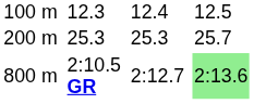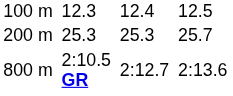 <table>
 <tr>
 <td>100 m<br></td>
 <td></td>
 <td>12.3</td>
 <td></td>
 <td>12.4</td>
 <td></td>
 <td>12.5</td>
 </tr>
 <tr>
 <td>200 m<br></td>
 <td></td>
 <td>25.3</td>
 <td></td>
 <td>25.3</td>
 <td></td>
 <td>25.7</td>
 </tr>
 <tr>
 <td>800 m<br></td>
 <td></td>
 <td>2:10.5<br><strong><a href='#'>GR</a></strong></td>
 <td></td>
 <td>2:12.7</td>
 <td></td>
-<td style="background: lightgreen;">2:13.6</td>
+<td>2:13.6</td>
 </tr>
 </table>
